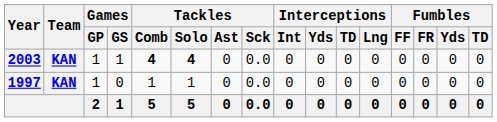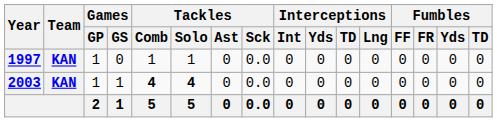 <table class="wikitable" style="text-align:center">
 <tr>
 <th rowspan="2">Year</th>
 <th rowspan="2">Team</th>
 <th colspan="2">Games</th>
 <th colspan="4">Tackles</th>
 <th colspan="4">Interceptions</th>
 <th colspan="4">Fumbles</th>
 </tr>
 <tr>
 <th>GP</th>
 <th>GS</th>
 <th>Comb</th>
 <th>Solo</th>
 <th>Ast</th>
 <th>Sck</th>
 <th>Int</th>
 <th>Yds</th>
 <th>TD</th>
 <th>Lng</th>
 <th>FF</th>
 <th>FR</th>
 <th>Yds</th>
 <th>TD</th>
 </tr>
 <tr>
-<th><a href='#'>2003</a></th>
+<th><a href='#'>1997</a></th>
 <th><a href='#'>KAN</a></th>
 <td>1</td>
+<td>0</td>
 <td>1</td>
-<td><strong>4</strong></td>
-<td><strong>4</strong></td>
+<td>1</td>
 <td>0</td>
 <td>0.0</td>
 <td>0</td>
 <td>0</td>
 <td>0</td>
 <td>0</td>
 <td>0</td>
 <td>0</td>
 <td>0</td>
 <td>0</td>
 </tr>
 <tr>
-<th><a href='#'>1997</a></th>
+<th><a href='#'>2003</a></th>
 <th><a href='#'>KAN</a></th>
 <td>1</td>
-<td>0</td>
 <td>1</td>
-<td>1</td>
+<td><strong>4</strong></td>
+<td><strong>4</strong></td>
 <td>0</td>
 <td>0.0</td>
 <td>0</td>
 <td>0</td>
 <td>0</td>
 <td>0</td>
 <td>0</td>
 <td>0</td>
 <td>0</td>
 <td>0</td>
 </tr>
 <tr>
 <th colspan="2"></th>
 <th>2</th>
 <th>1</th>
 <th>5</th>
 <th>5</th>
 <th>0</th>
 <th>0.0</th>
 <th>0</th>
 <th>0</th>
 <th>0</th>
 <th>0</th>
 <th>0</th>
 <th>0</th>
 <th>0</th>
 <th>0</th>
 </tr>
 </table>
